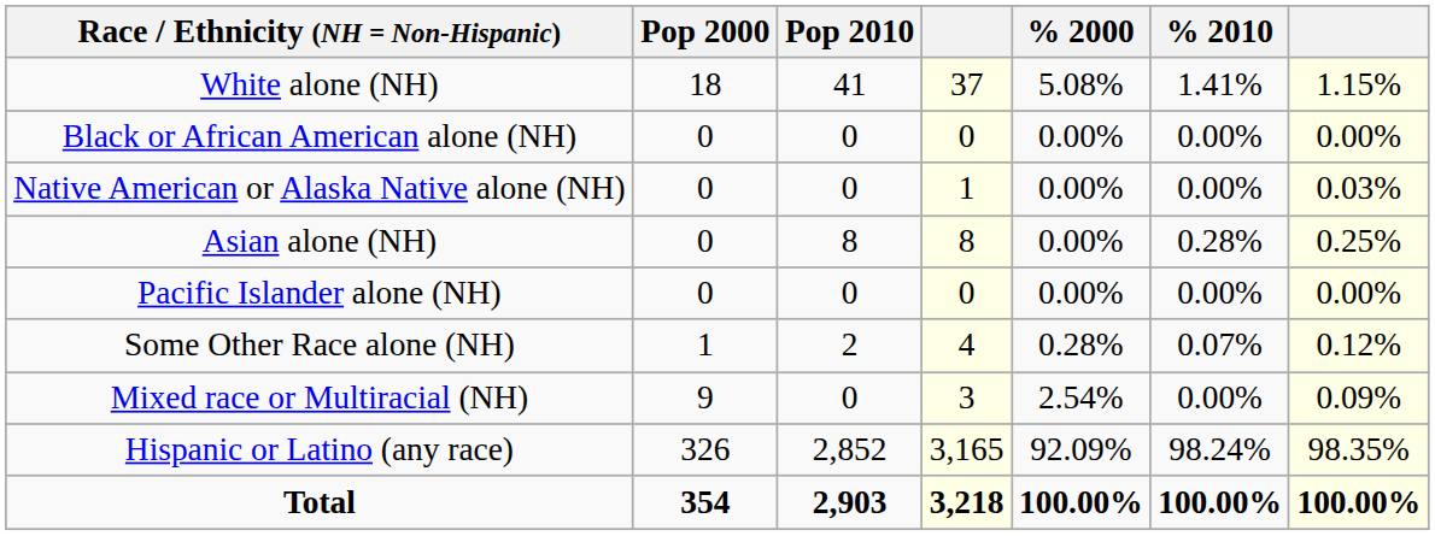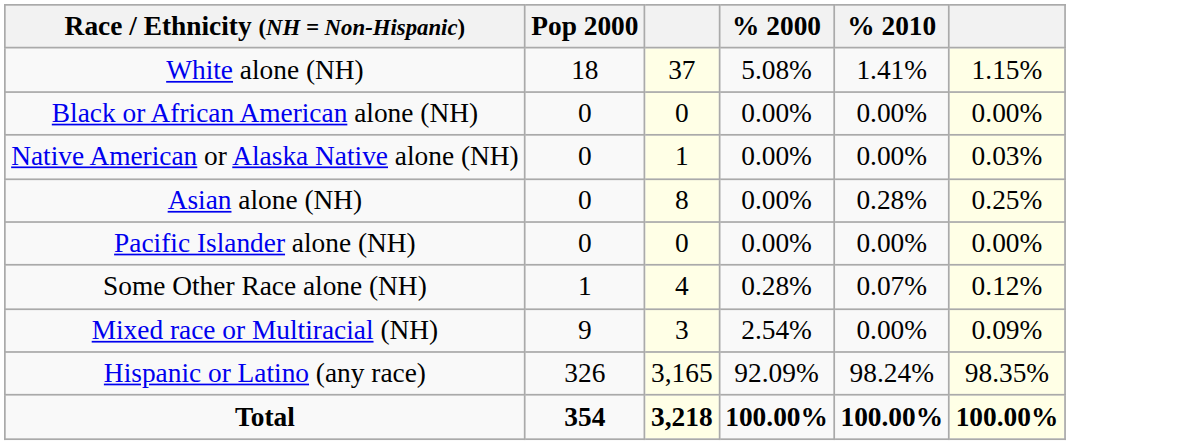 <table class="wikitable" style="text-align:center;">
 <tr>
 <th>Race / Ethnicity <small>(<em>NH = Non-Hispanic</em>)</small></th>
 <th>Pop 2000</th>
-<th>Pop 2010</th>
 <th></th>
 <th>% 2000</th>
 <th>% 2010</th>
 <th></th>
 </tr>
 <tr>
 <td><a href='#'>White</a> alone (NH)</td>
 <td>18</td>
-<td>41</td>
 <td style='background: #ffffe6;'>37</td>
 <td>5.08%</td>
 <td>1.41%</td>
 <td style='background: #ffffe6;'>1.15%</td>
 </tr>
 <tr>
 <td><a href='#'>Black or African American</a> alone (NH)</td>
-<td>0</td>
 <td>0</td>
 <td style='background: #ffffe6;'>0</td>
 <td>0.00%</td>
 <td>0.00%</td>
 <td style='background: #ffffe6;'>0.00%</td>
 </tr>
 <tr>
 <td><a href='#'>Native American</a> or <a href='#'>Alaska Native</a> alone (NH)</td>
 <td>0</td>
-<td>0</td>
 <td style='background: #ffffe6;'>1</td>
 <td>0.00%</td>
 <td>0.00%</td>
 <td style='background: #ffffe6;'>0.03%</td>
 </tr>
 <tr>
 <td><a href='#'>Asian</a> alone (NH)</td>
 <td>0</td>
-<td>8</td>
 <td style='background: #ffffe6;'>8</td>
 <td>0.00%</td>
 <td>0.28%</td>
 <td style='background: #ffffe6;'>0.25%</td>
 </tr>
 <tr>
 <td><a href='#'>Pacific Islander</a> alone (NH)</td>
-<td>0</td>
 <td>0</td>
 <td style='background: #ffffe6;'>0</td>
 <td>0.00%</td>
 <td>0.00%</td>
 <td style='background: #ffffe6;'>0.00%</td>
 </tr>
 <tr>
 <td>Some Other Race alone (NH)</td>
 <td>1</td>
-<td>2</td>
 <td style='background: #ffffe6;'>4</td>
 <td>0.28%</td>
 <td>0.07%</td>
 <td style='background: #ffffe6;'>0.12%</td>
 </tr>
 <tr>
 <td><a href='#'>Mixed race or Multiracial</a> (NH)</td>
 <td>9</td>
-<td>0</td>
 <td style='background: #ffffe6;'>3</td>
 <td>2.54%</td>
 <td>0.00%</td>
 <td style='background: #ffffe6;'>0.09%</td>
 </tr>
 <tr>
 <td><a href='#'>Hispanic or Latino</a> (any race)</td>
 <td>326</td>
-<td>2,852</td>
 <td style='background: #ffffe6;'>3,165</td>
 <td>92.09%</td>
 <td>98.24%</td>
 <td style='background: #ffffe6;'>98.35%</td>
 </tr>
 <tr>
 <td><strong>Total</strong></td>
 <td><strong>354</strong></td>
-<td><strong>2,903</strong></td>
 <td style='background: #ffffe6;'><strong>3,218</strong></td>
 <td><strong>100.00%</strong></td>
 <td><strong>100.00%</strong></td>
 <td style='background: #ffffe6;'><strong>100.00%</strong></td>
 </tr>
 </table>
